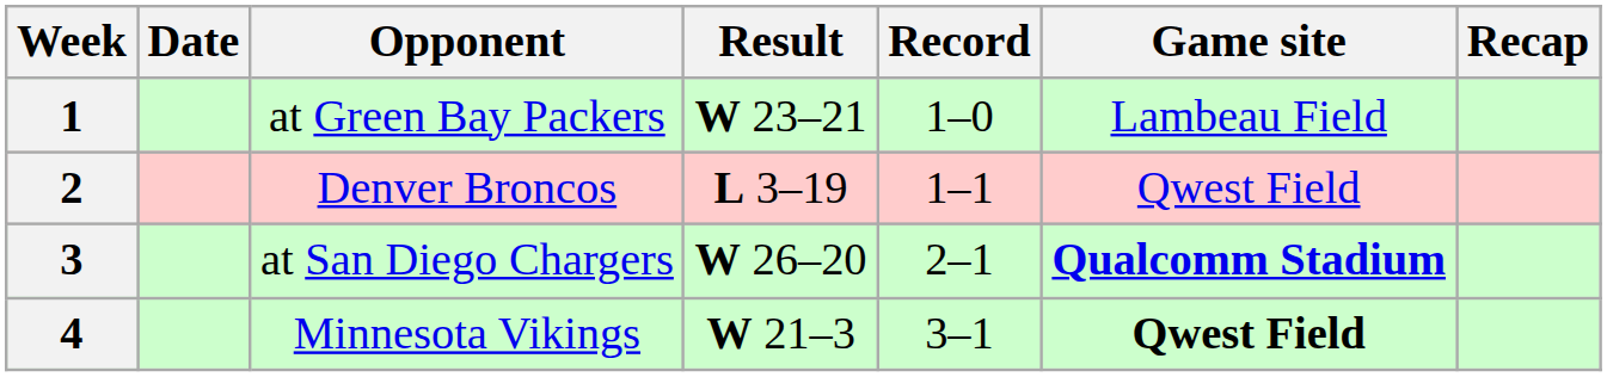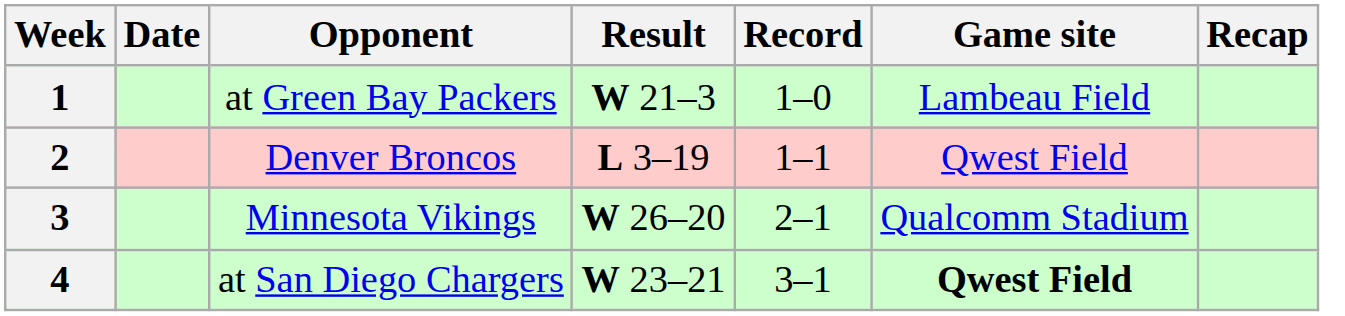 <table class="wikitable" style="text-align:center">
 <tr>
 <th>Week</th>
 <th>Date</th>
 <th>Opponent</th>
 <th>Result</th>
 <th>Record</th>
 <th>Game site</th>
 <th>Recap</th>
 </tr>
 <tr style="background:#cfc">
 <th>1</th>
 <td></td>
 <td>at <a href='#'>Green Bay Packers</a></td>
-<td><strong>W</strong> 23–21</td>
+<td><strong>W</strong> 21–3</td>
 <td>1–0</td>
 <td><a href='#'>Lambeau Field</a></td>
 <td></td>
 </tr>
 <tr style="background:#fcc">
 <th>2</th>
 <td></td>
 <td><a href='#'>Denver Broncos</a></td>
 <td><strong>L</strong> 3–19</td>
 <td>1–1</td>
 <td><a href='#'>Qwest Field</a></td>
 <td></td>
 </tr>
 <tr style="background:#cfc">
 <th>3</th>
 <td></td>
-<td>at <a href='#'>San Diego Chargers</a></td>
+<td><a href='#'>Minnesota Vikings</a></td>
 <td><strong>W</strong> 26–20</td>
 <td>2–1</td>
-<td><strong><a href='#'>Qualcomm Stadium</a></strong></td>
+<td><a href='#'>Qualcomm Stadium</a></td>
 <td></td>
 </tr>
 <tr style="background:#cfc">
 <th>4</th>
 <td></td>
-<td><a href='#'>Minnesota Vikings</a></td>
-<td><strong>W</strong> 21–3</td>
+<td>at <a href='#'>San Diego Chargers</a></td>
+<td><strong>W</strong> 23–21</td>
 <td>3–1</td>
 <td><strong>Qwest Field</strong></td>
 <td></td>
 </tr>
 </table>
